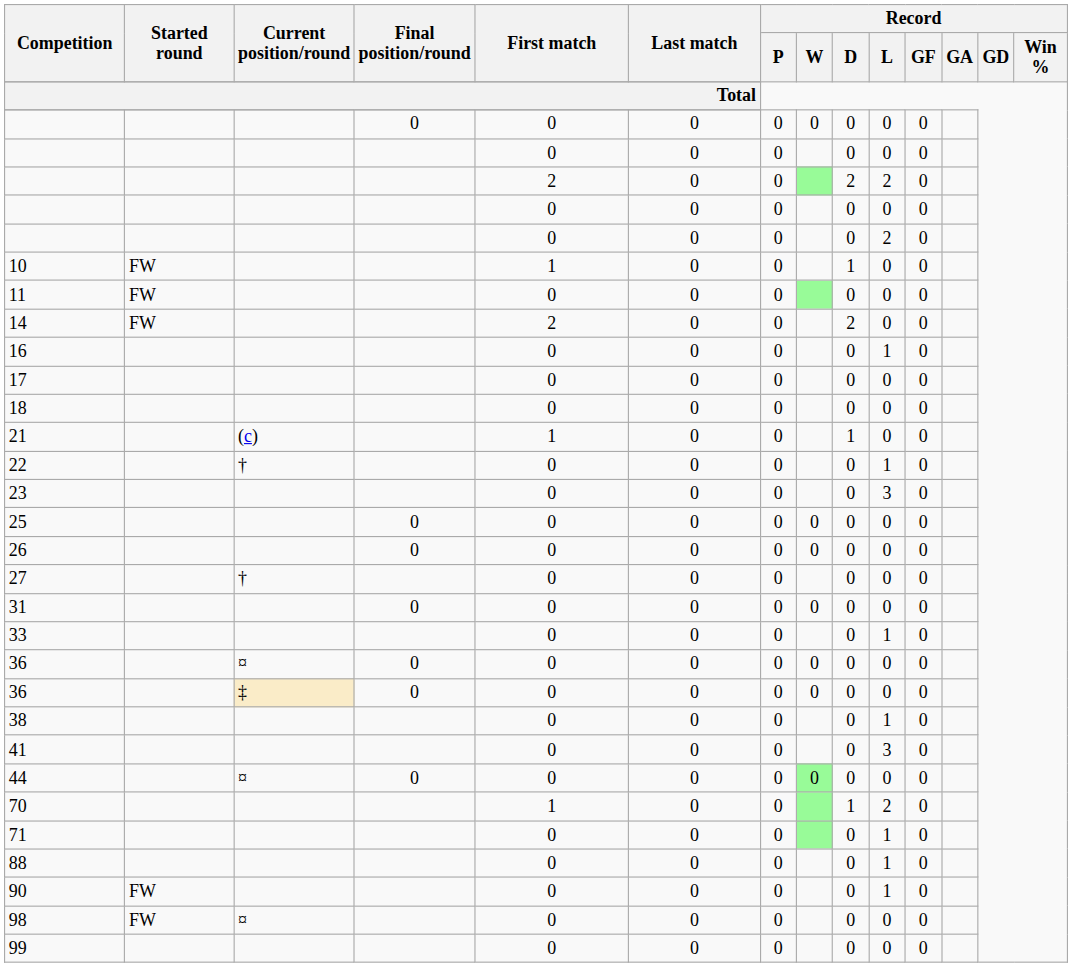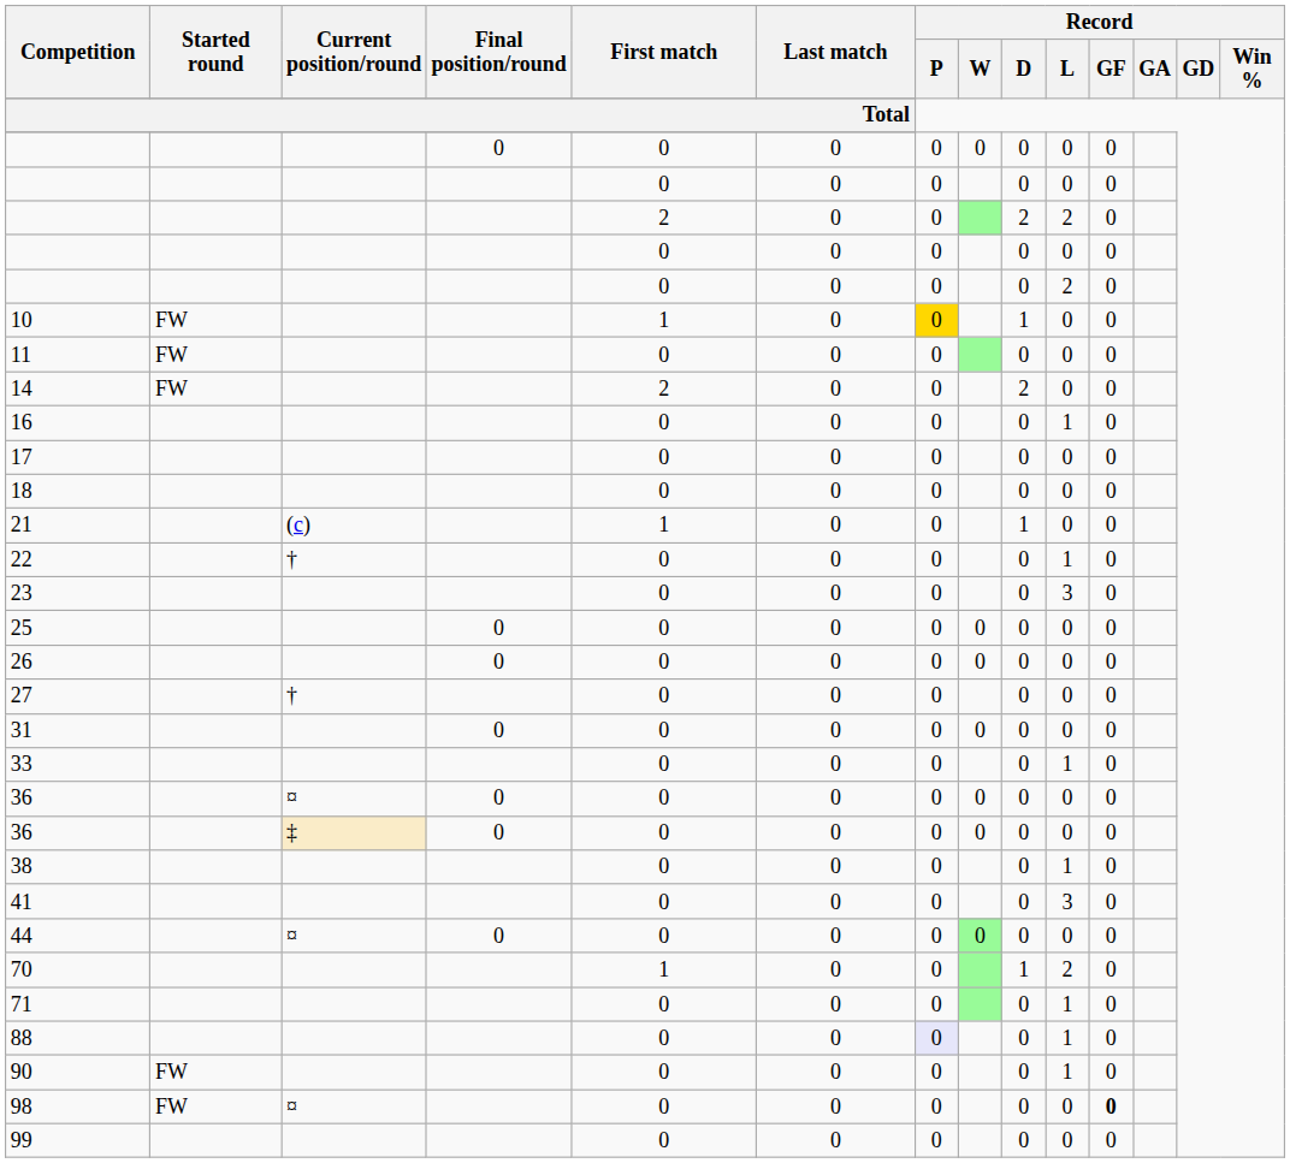 <table class="wikitable" style="text-align: center">
 <tr>
 <th rowspan="2" style="width:100px;">Competition</th>
 <th rowspan="2" style="width:90px;">Started round</th>
 <th rowspan="2" style="width:90px;">Current position/round</th>
 <th rowspan="2" style="width:90px;">Final position/round</th>
 <th rowspan="2" style="width:130px;">First match</th>
 <th rowspan="2" style="width:110px;">Last match</th>
 <th colspan="8">Record</th>
 </tr>
 <tr>
 <th style="width:25px;">P</th>
 <th style="width:25px;">W</th>
 <th style="width:25px;">D</th>
 <th style="width:25px;">L</th>
 <th style="width:25px;">GF</th>
 <th style="width:25px;">GA</th>
 <th style="width:25px;">GD</th>
 <th style="width:40px;">Win %</th>
 </tr>
 <tr>
 </tr>
 <tr>
 </tr>
 <tr>
 <th colspan="6" style="text-align: right;">Total<br></th>
 </tr>
 <tr>
 </tr>
 <tr>
 <td align="left"></td>
 <td align="left"></td>
 <td align="left"> </td>
 <td>0</td>
 <td>0</td>
 <td>0</td>
 <td>0</td>
 <td>0</td>
 <td>0</td>
 <td>0</td>
 <td>0</td>
 <td></td>
 </tr>
 <tr>
 <td align="left"></td>
 <td align="left"></td>
 <td align="left"> </td>
 <td></td>
 <td>0</td>
 <td>0</td>
 <td>0</td>
 <td></td>
 <td>0</td>
 <td>0</td>
 <td>0</td>
 <td></td>
 </tr>
 <tr>
 <td align="left"></td>
 <td align="left"></td>
 <td align="left"> </td>
 <td></td>
 <td>2</td>
 <td>0</td>
 <td>0</td>
 <td style="background:#98FB98"></td>
 <td>2</td>
 <td>2</td>
 <td>0</td>
 <td></td>
 </tr>
 <tr>
 <td align="left"></td>
 <td align="left"></td>
 <td align="left"> </td>
 <td></td>
 <td>0</td>
 <td>0</td>
 <td>0</td>
 <td></td>
 <td>0</td>
 <td>0</td>
 <td>0</td>
 <td></td>
 </tr>
 <tr>
 <td align="left"></td>
 <td align="left"></td>
 <td align="left"> </td>
 <td></td>
 <td>0</td>
 <td>0</td>
 <td>0</td>
 <td></td>
 <td>0</td>
 <td>2</td>
 <td>0</td>
 <td></td>
 </tr>
 <tr>
 <td align="left">10</td>
 <td align="left">FW</td>
 <td align="left"> </td>
 <td></td>
 <td>1</td>
 <td>0</td>
-<td>0</td>
+<td style="background: gold;">0</td>
 <td></td>
 <td>1</td>
 <td>0</td>
 <td>0</td>
 <td></td>
 </tr>
 <tr>
 <td align="left">11</td>
 <td align="left">FW</td>
 <td align="left"> </td>
 <td></td>
 <td>0</td>
 <td>0</td>
 <td>0</td>
 <td style="background:#98FB98"></td>
 <td>0</td>
 <td>0</td>
 <td>0</td>
 <td></td>
 </tr>
 <tr>
 <td align="left">14</td>
 <td align="left">FW</td>
 <td align="left"> </td>
 <td></td>
 <td>2</td>
 <td>0</td>
 <td>0</td>
 <td></td>
 <td>2</td>
 <td>0</td>
 <td>0</td>
 <td></td>
 </tr>
 <tr>
 <td align="left">16</td>
 <td align="left"></td>
 <td align="left"> </td>
 <td></td>
 <td>0</td>
 <td>0</td>
 <td>0</td>
 <td></td>
 <td>0</td>
 <td>1</td>
 <td>0</td>
 <td></td>
 </tr>
 <tr>
 <td align="left">17</td>
 <td align="left"></td>
 <td align="left"> </td>
 <td></td>
 <td>0</td>
 <td>0</td>
 <td>0</td>
 <td></td>
 <td>0</td>
 <td>0</td>
 <td>0</td>
 <td></td>
 </tr>
 <tr>
 <td align="left">18</td>
 <td align="left"></td>
 <td align="left"> </td>
 <td></td>
 <td>0</td>
 <td>0</td>
 <td>0</td>
 <td></td>
 <td>0</td>
 <td>0</td>
 <td>0</td>
 <td></td>
 </tr>
 <tr>
 <td align="left">21</td>
 <td align="left"></td>
 <td align="left">  (<a href='#'>c</a>)</td>
 <td></td>
 <td>1</td>
 <td>0</td>
 <td>0</td>
 <td></td>
 <td>1</td>
 <td>0</td>
 <td>0</td>
 <td></td>
 </tr>
 <tr>
 <td align="left">22</td>
 <td align="left"></td>
 <td align="left">  †</td>
 <td></td>
 <td>0</td>
 <td>0</td>
 <td>0</td>
 <td></td>
 <td>0</td>
 <td>1</td>
 <td>0</td>
 <td></td>
 </tr>
 <tr>
 <td align="left">23</td>
 <td align="left"></td>
 <td align="left"> </td>
 <td></td>
 <td>0</td>
 <td>0</td>
 <td>0</td>
 <td></td>
 <td>0</td>
 <td>3</td>
 <td>0</td>
 <td></td>
 </tr>
 <tr>
 <td align="left">25</td>
 <td align="left"></td>
 <td align="left"> </td>
 <td>0</td>
 <td>0</td>
 <td>0</td>
 <td>0</td>
 <td>0</td>
 <td>0</td>
 <td>0</td>
 <td>0</td>
 <td></td>
 </tr>
 <tr>
 <td align="left">26</td>
 <td align="left"></td>
 <td align="left"> </td>
 <td>0</td>
 <td>0</td>
 <td>0</td>
 <td>0</td>
 <td>0</td>
 <td>0</td>
 <td>0</td>
 <td>0</td>
 <td></td>
 </tr>
 <tr>
 <td align="left">27</td>
 <td align="left"></td>
 <td align="left">  †</td>
 <td></td>
 <td>0</td>
 <td>0</td>
 <td>0</td>
 <td></td>
 <td>0</td>
 <td>0</td>
 <td>0</td>
 <td></td>
 </tr>
 <tr>
 <td align="left">31</td>
 <td align="left"></td>
 <td align="left"> </td>
 <td>0</td>
 <td>0</td>
 <td>0</td>
 <td>0</td>
 <td>0</td>
 <td>0</td>
 <td>0</td>
 <td>0</td>
 <td></td>
 </tr>
 <tr>
 <td align="left">33</td>
 <td align="left"></td>
 <td align="left"> </td>
 <td></td>
 <td>0</td>
 <td>0</td>
 <td>0</td>
 <td></td>
 <td>0</td>
 <td>1</td>
 <td>0</td>
 <td></td>
 </tr>
 <tr>
 <td align="left">36</td>
 <td align="left"></td>
 <td align="left">  ¤</td>
 <td>0</td>
 <td>0</td>
 <td>0</td>
 <td>0</td>
 <td>0</td>
 <td>0</td>
 <td>0</td>
 <td>0</td>
 <td></td>
 </tr>
 <tr>
 <td align="left">36</td>
 <td align="left"></td>
 <td style="background:#FAECC8; text-align:left;">  ‡</td>
 <td>0</td>
 <td>0</td>
 <td>0</td>
 <td>0</td>
 <td>0</td>
 <td>0</td>
 <td>0</td>
 <td>0</td>
 <td></td>
 </tr>
 <tr>
 <td align="left">38</td>
 <td align="left"></td>
 <td align="left"> </td>
 <td></td>
 <td>0</td>
 <td>0</td>
 <td>0</td>
 <td></td>
 <td>0</td>
 <td>1</td>
 <td>0</td>
 <td></td>
 </tr>
 <tr>
 <td align="left">41</td>
 <td align="left"></td>
 <td align="left"> </td>
 <td></td>
 <td>0</td>
 <td>0</td>
 <td>0</td>
 <td></td>
 <td>0</td>
 <td>3</td>
 <td>0</td>
 <td></td>
 </tr>
 <tr>
 <td align="left">44</td>
 <td align="left"></td>
 <td align="left">  ¤</td>
 <td>0</td>
 <td>0</td>
 <td>0</td>
 <td>0</td>
 <td style="background:#98FB98">0</td>
 <td>0</td>
 <td>0</td>
 <td>0</td>
 <td></td>
 </tr>
 <tr>
 <td align="left">70</td>
 <td align="left"></td>
 <td align="left"> </td>
 <td></td>
 <td>1</td>
 <td>0</td>
 <td>0</td>
 <td style="background:#98FB98"></td>
 <td>1</td>
 <td>2</td>
 <td>0</td>
 <td></td>
 </tr>
 <tr>
 <td align="left">71</td>
 <td align="left"></td>
 <td align="left"> </td>
 <td></td>
 <td>0</td>
 <td>0</td>
 <td>0</td>
 <td style="background:#98FB98"></td>
 <td>0</td>
 <td>1</td>
 <td>0</td>
 <td></td>
 </tr>
 <tr>
 <td align="left">88</td>
 <td align="left"></td>
 <td align="left"> </td>
 <td></td>
 <td>0</td>
 <td>0</td>
-<td>0</td>
+<td style="background: lavender;">0</td>
 <td></td>
 <td>0</td>
 <td>1</td>
 <td>0</td>
 <td></td>
 </tr>
 <tr>
 <td align="left">90</td>
 <td align="left">FW</td>
 <td align="left"> </td>
 <td></td>
 <td>0</td>
 <td>0</td>
 <td>0</td>
 <td></td>
 <td>0</td>
 <td>1</td>
 <td>0</td>
 <td></td>
 </tr>
 <tr>
 <td align="left">98</td>
 <td align="left">FW</td>
 <td align="left">  ¤</td>
 <td></td>
 <td>0</td>
 <td>0</td>
 <td>0</td>
 <td></td>
 <td>0</td>
 <td>0</td>
-<td>0</td>
+<td><strong>0</strong></td>
 <td></td>
 </tr>
 <tr>
 <td align="left">99</td>
 <td align="left"></td>
 <td align="left"> </td>
 <td></td>
 <td>0</td>
 <td>0</td>
 <td>0</td>
 <td></td>
 <td>0</td>
 <td>0</td>
 <td>0</td>
 <td></td>
 </tr>
 </table>
